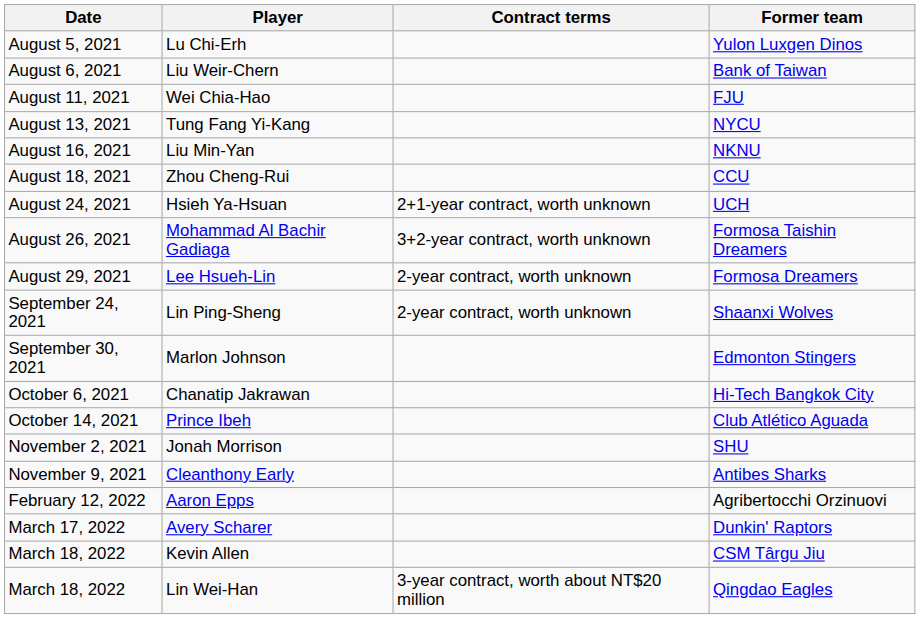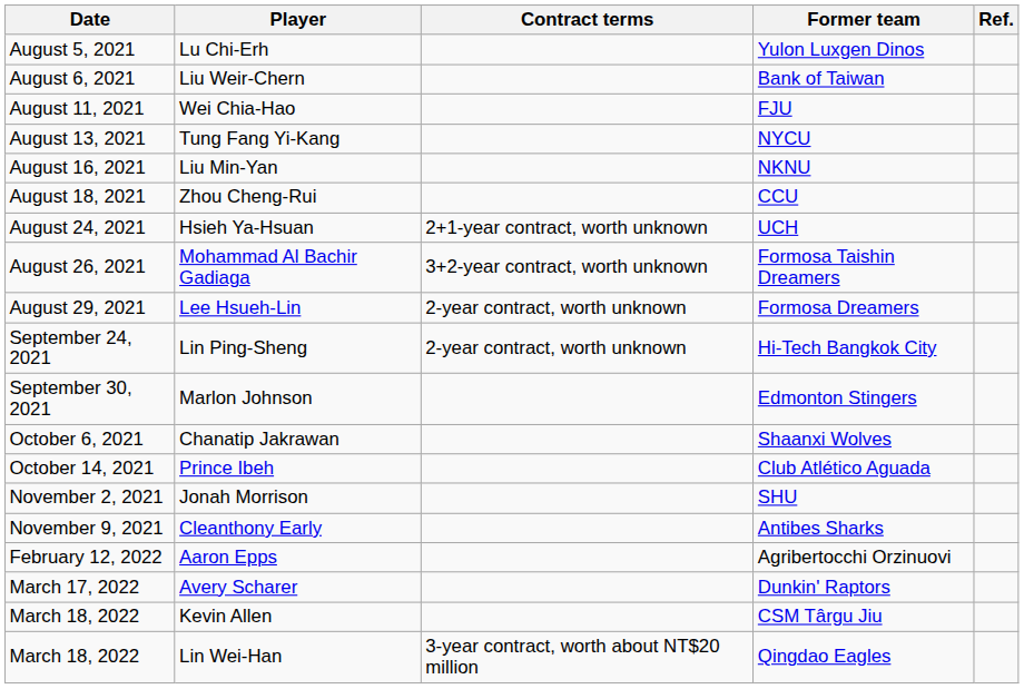 <table class="wikitable">
 <tr>
 <th>Date</th>
 <th>Player</th>
 <th>Contract terms</th>
 <th>Former team</th>
+<th>Ref.</th>
 </tr>
 <tr>
 <td>August 5, 2021</td>
 <td>Lu Chi-Erh</td>
 <td></td>
 <td> <a href='#'>Yulon Luxgen Dinos</a></td>
+<td></td>
 </tr>
 <tr>
 <td>August 6, 2021</td>
 <td>Liu Weir-Chern</td>
 <td></td>
 <td> <a href='#'>Bank of Taiwan</a></td>
+<td></td>
 </tr>
 <tr>
 <td>August 11, 2021</td>
 <td>Wei Chia-Hao</td>
 <td></td>
 <td> <a href='#'>FJU</a></td>
+<td></td>
 </tr>
 <tr>
 <td>August 13, 2021</td>
 <td>Tung Fang Yi-Kang</td>
 <td></td>
 <td> <a href='#'>NYCU</a></td>
+<td></td>
 </tr>
 <tr>
 <td>August 16, 2021</td>
 <td>Liu Min-Yan</td>
 <td></td>
 <td> <a href='#'>NKNU</a></td>
+<td></td>
 </tr>
 <tr>
 <td>August 18, 2021</td>
 <td>Zhou Cheng-Rui</td>
 <td></td>
 <td> <a href='#'>CCU</a></td>
+<td></td>
 </tr>
 <tr>
 <td>August 24, 2021</td>
 <td>Hsieh Ya-Hsuan</td>
 <td>2+1-year contract, worth unknown</td>
 <td> <a href='#'>UCH</a></td>
+<td></td>
 </tr>
 <tr>
 <td>August 26, 2021</td>
 <td><a href='#'>Mohammad Al Bachir Gadiaga</a></td>
 <td>3+2-year contract, worth unknown</td>
 <td> <a href='#'>Formosa Taishin Dreamers</a></td>
+<td></td>
 </tr>
 <tr>
 <td>August 29, 2021</td>
 <td><a href='#'>Lee Hsueh-Lin</a></td>
 <td>2-year contract, worth unknown</td>
 <td> <a href='#'>Formosa Dreamers</a></td>
+<td></td>
 </tr>
 <tr>
 <td>September 24, 2021</td>
 <td>Lin Ping-Sheng</td>
 <td>2-year contract, worth unknown</td>
-<td> <a href='#'>Shaanxi Wolves</a></td>
+<td> <a href='#'>Hi-Tech Bangkok City</a></td>
+<td></td>
 </tr>
 <tr>
 <td>September 30, 2021</td>
 <td>Marlon Johnson</td>
 <td></td>
 <td> <a href='#'>Edmonton Stingers</a></td>
+<td></td>
 </tr>
 <tr>
 <td>October 6, 2021</td>
 <td>Chanatip Jakrawan</td>
 <td></td>
-<td> <a href='#'>Hi-Tech Bangkok City</a></td>
+<td> <a href='#'>Shaanxi Wolves</a></td>
+<td></td>
 </tr>
 <tr>
 <td>October 14, 2021</td>
 <td><a href='#'>Prince Ibeh</a></td>
 <td></td>
 <td> <a href='#'>Club Atlético Aguada</a></td>
+<td></td>
 </tr>
 <tr>
 <td>November 2, 2021</td>
 <td>Jonah Morrison</td>
 <td></td>
 <td> <a href='#'>SHU</a></td>
+<td></td>
 </tr>
 <tr>
 <td>November 9, 2021</td>
 <td><a href='#'>Cleanthony Early</a></td>
 <td></td>
 <td> <a href='#'>Antibes Sharks</a></td>
+<td></td>
 </tr>
 <tr>
 <td>February 12, 2022</td>
 <td><a href='#'>Aaron Epps</a></td>
 <td></td>
 <td> Agribertocchi Orzinuovi</td>
+<td></td>
 </tr>
 <tr>
 <td>March 17, 2022</td>
 <td><a href='#'>Avery Scharer</a></td>
 <td></td>
 <td> <a href='#'>Dunkin' Raptors</a></td>
+<td></td>
 </tr>
 <tr>
 <td>March 18, 2022</td>
 <td>Kevin Allen</td>
 <td></td>
 <td> <a href='#'>CSM Târgu Jiu</a></td>
+<td></td>
 </tr>
 <tr>
 <td>March 18, 2022</td>
 <td>Lin Wei-Han</td>
 <td>3-year contract, worth about NT$20 million</td>
 <td> <a href='#'>Qingdao Eagles</a></td>
+<td></td>
 </tr>
 </table>
